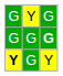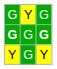 <table class=wikitable style="font-size:90%;text-align:center;">
 <tr>
 <td style="background:#0a0;color:#fff;">G</td>
 <td style="background:#ff0;color:#000;">Y</td>
 <td style="background:#0a0;color:#fff;">G</td>
 </tr>
 <tr>
-<td style="background:#0a0;color:#fff;">G</td>
+<td style="background:#0a0;color:#fff;"><strong>G</strong></td>
 <td style="background:#0a0;color:#fff;">G</td>
 <td style="background:#0a0;color:#fff;"><strong>G</strong></td>
 </tr>
 <tr>
-<td style="background:#ff0;color:#000;"><strong>Y</strong></td>
+<td style="background:#ff0;color:#000;">Y</td>
 <td style="background:#0a0;color:#fff;">G</td>
 <td style="background:#ff0;color:#000;">Y</td>
 </tr>
 </table>
